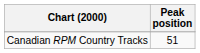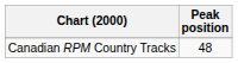 <table class="wikitable sortable">
 <tr>
 <th align="left">Chart (2000)</th>
 <th align="center">Peak<br>position</th>
 </tr>
 <tr>
 </tr>
 <tr>
 <td align="left">Canadian <em>RPM</em> Country Tracks</td>
-<td align="center">51</td>
+<td align="center">48</td>
 </tr>
 </table>
